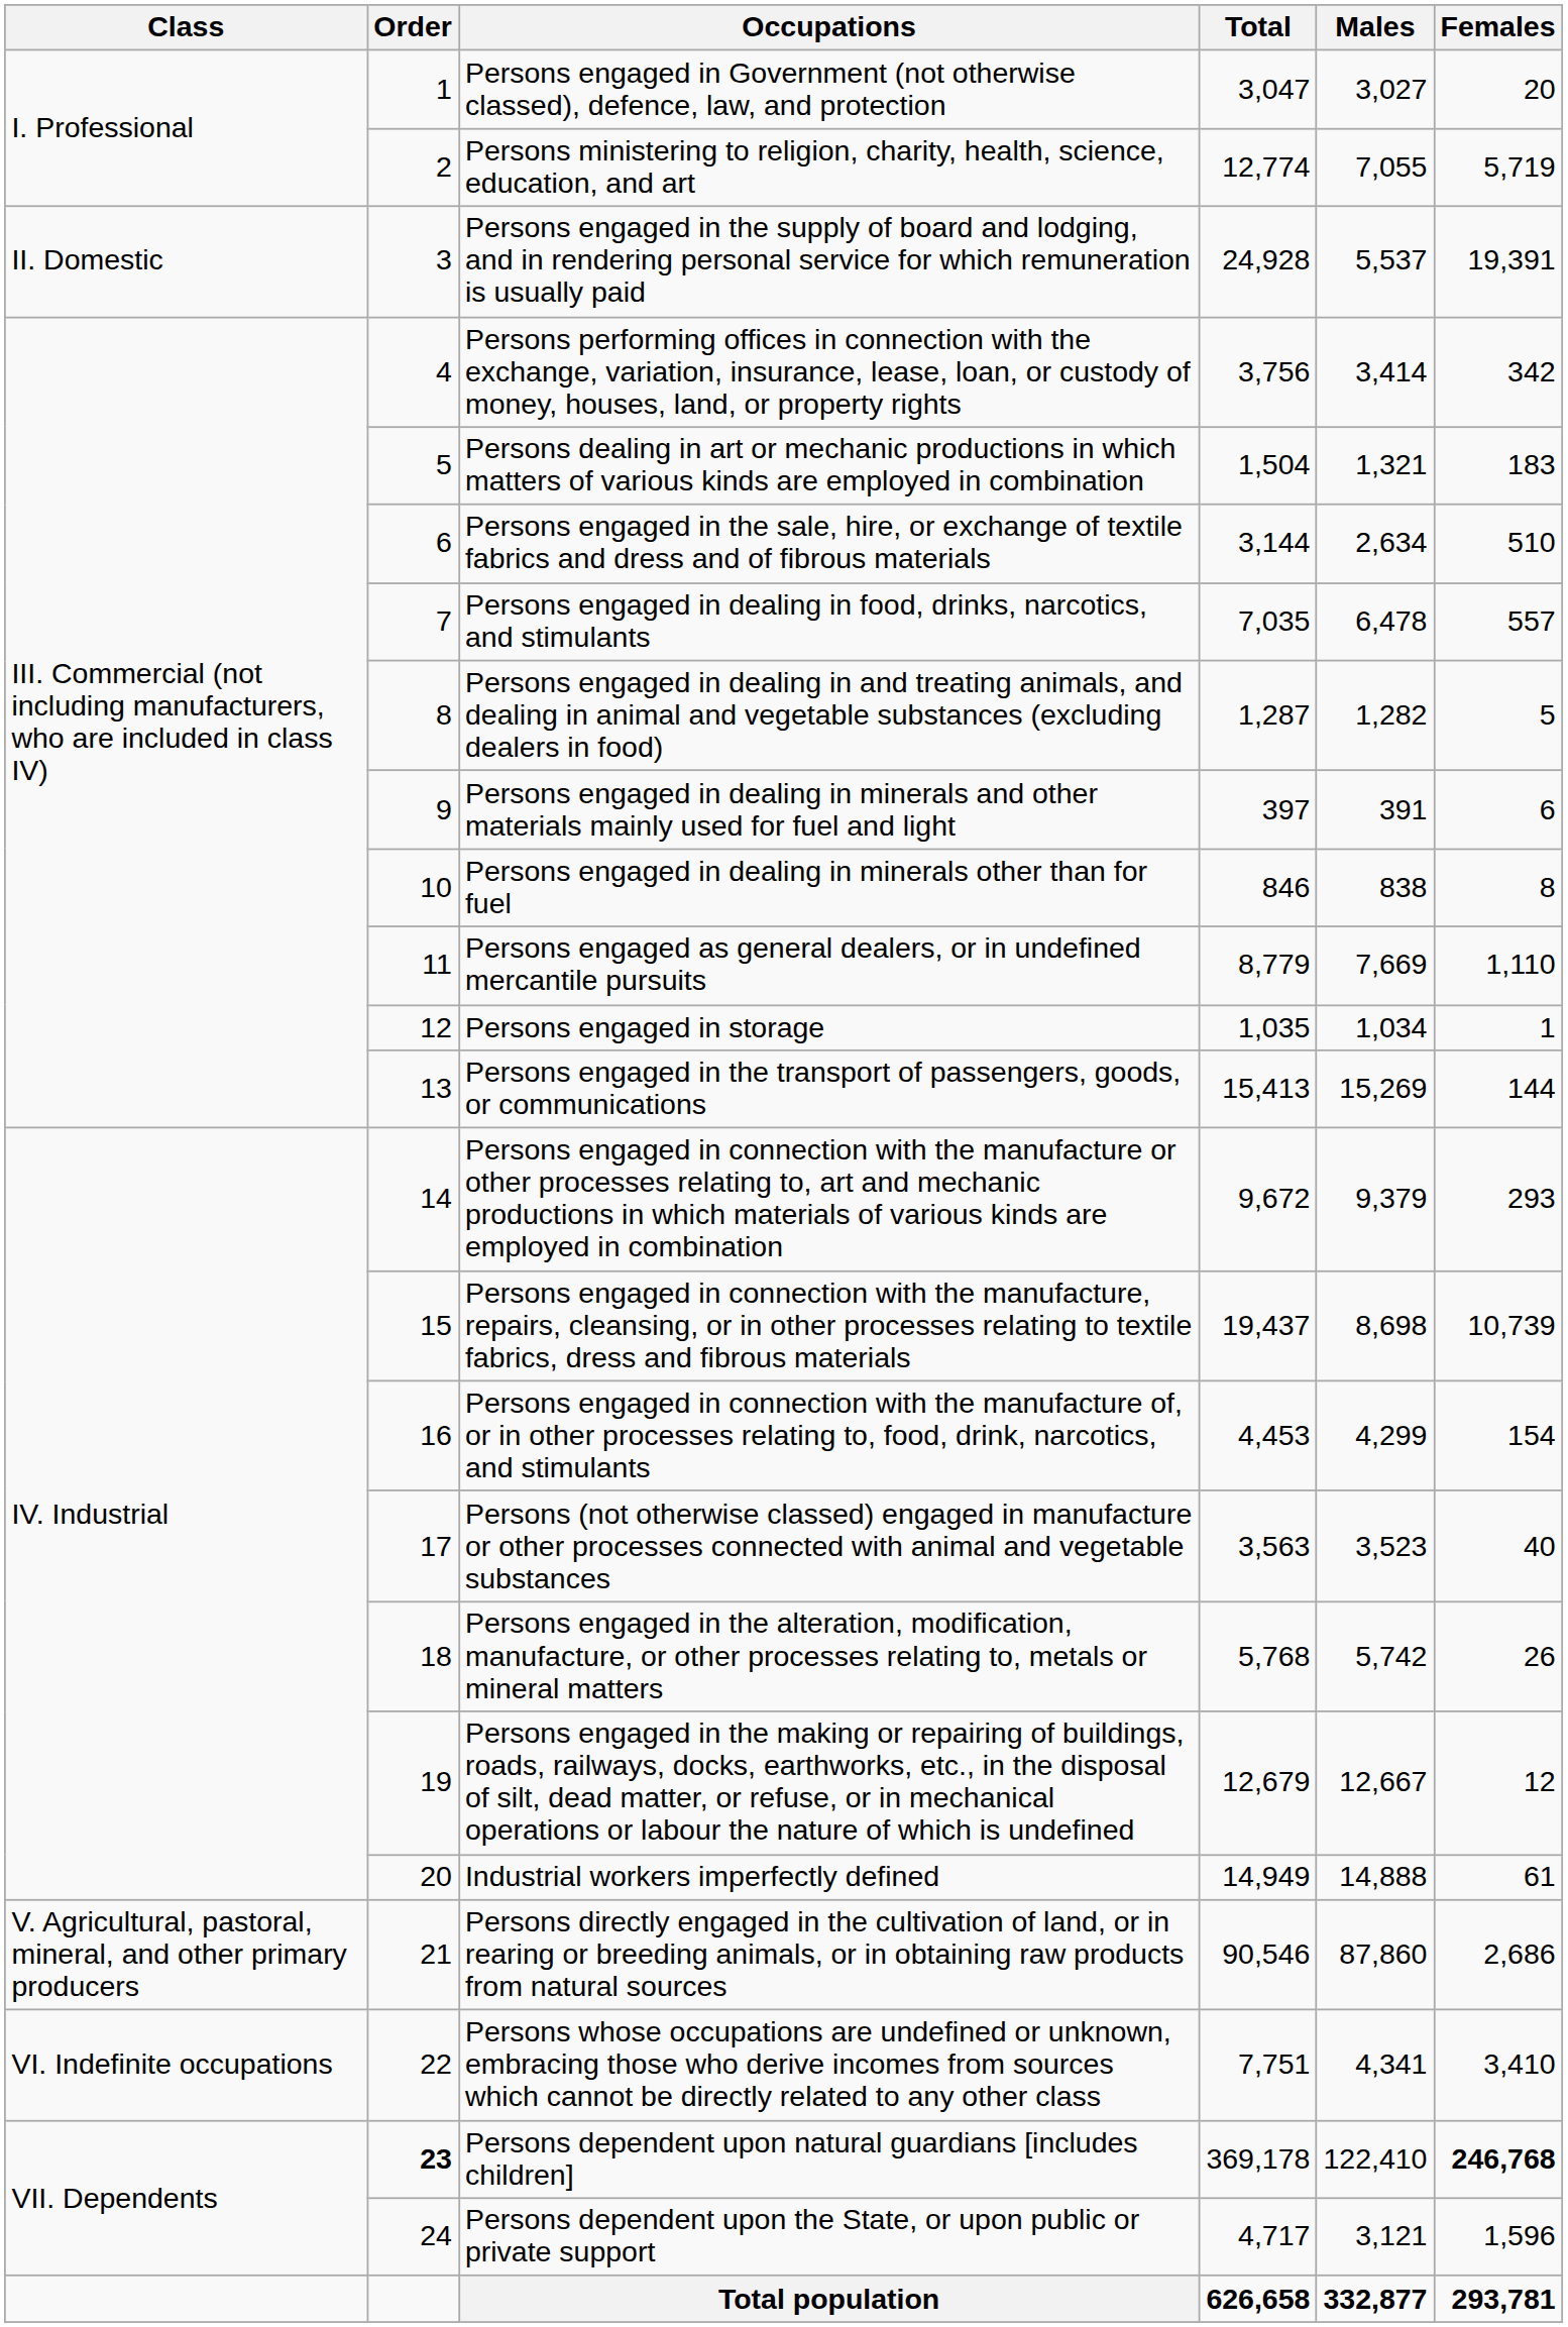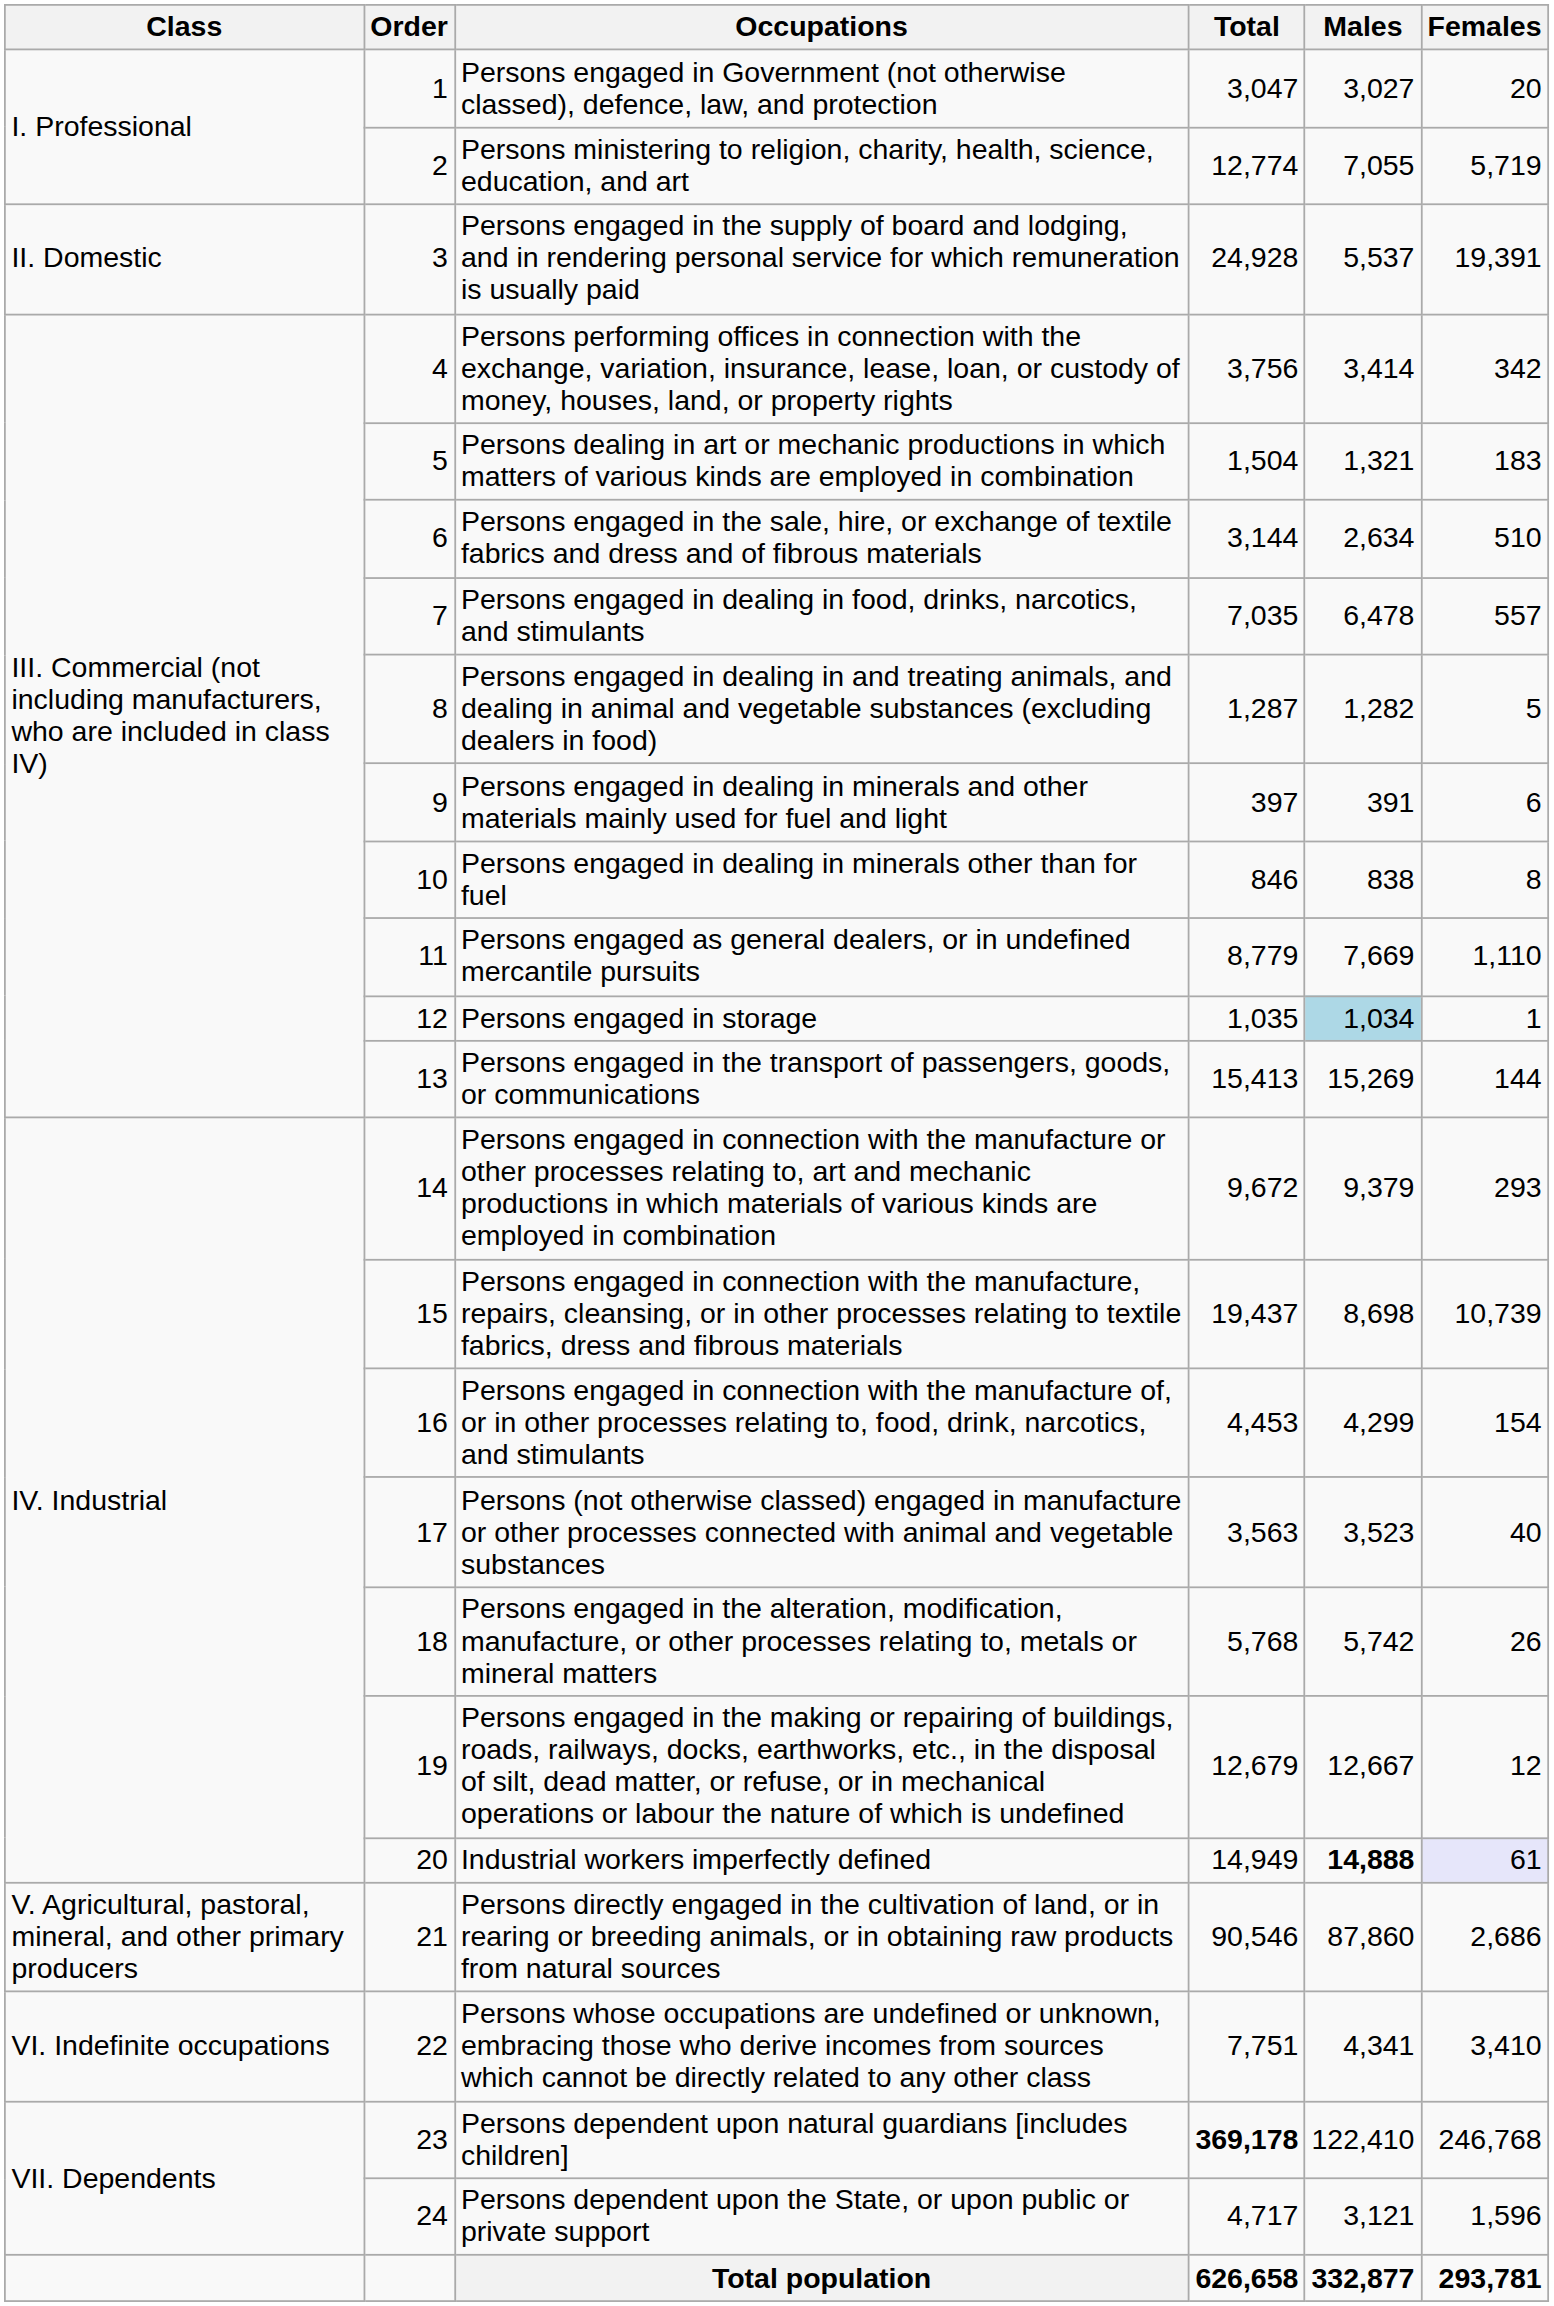 <table class="wikitable" style="text-align:right">
 <tr>
 <th>Class</th>
 <th>Order</th>
 <th>Occupations</th>
 <th>Total</th>
 <th>Males</th>
 <th>Females</th>
 </tr>
 <tr>
 <td colspan="1" rowspan="2" align="left">I. Professional</td>
 <td>1</td>
 <td align="left">Persons engaged in Government (not otherwise classed), defence, law, and protection</td>
 <td>3,047</td>
 <td>3,027</td>
 <td>20</td>
 </tr>
 <tr>
 <td>2</td>
 <td align="left">Persons ministering to religion, charity, health, science, education, and art</td>
 <td>12,774</td>
 <td>7,055</td>
 <td>5,719</td>
 </tr>
 <tr>
 <td align="left">II. Domestic</td>
 <td>3</td>
 <td align="left">Persons engaged in the supply of board and lodging, and in rendering personal service for which remuneration is usually paid</td>
 <td>24,928</td>
 <td>5,537</td>
 <td>19,391</td>
 </tr>
 <tr>
 <td colspan="1" rowspan="10" align="left">III. Commercial (not including manufacturers, who are included in class IV)</td>
 <td>4</td>
 <td align="left">Persons performing offices in connection with the exchange, variation, insurance, lease, loan, or custody of money, houses, land, or property rights</td>
 <td>3,756</td>
 <td>3,414</td>
 <td>342</td>
 </tr>
 <tr>
 <td>5</td>
 <td align="left">Persons dealing in art or mechanic productions in which matters of various kinds are employed in combination</td>
 <td>1,504</td>
 <td>1,321</td>
 <td>183</td>
 </tr>
 <tr>
 <td>6</td>
 <td align="left">Persons engaged in the sale, hire, or exchange of textile fabrics and dress and of fibrous materials</td>
 <td>3,144</td>
 <td>2,634</td>
 <td>510</td>
 </tr>
 <tr>
 <td>7</td>
 <td align="left">Persons engaged in dealing in food, drinks, narcotics, and stimulants</td>
 <td>7,035</td>
 <td>6,478</td>
 <td>557</td>
 </tr>
 <tr>
 <td>8</td>
 <td align="left">Persons engaged in dealing in and treating animals, and dealing in animal and vegetable substances (excluding dealers in food)</td>
 <td>1,287</td>
 <td>1,282</td>
 <td>5</td>
 </tr>
 <tr>
 <td>9</td>
 <td align="left">Persons engaged in dealing in minerals and other materials mainly used for fuel and light</td>
 <td>397</td>
 <td>391</td>
 <td>6</td>
 </tr>
 <tr>
 <td>10</td>
 <td align="left">Persons engaged in dealing in minerals other than for fuel</td>
 <td>846</td>
 <td>838</td>
 <td>8</td>
 </tr>
 <tr>
 <td>11</td>
 <td align="left">Persons engaged as general dealers, or in undefined mercantile pursuits</td>
 <td>8,779</td>
 <td>7,669</td>
 <td>1,110</td>
 </tr>
 <tr>
 <td>12</td>
 <td align="left">Persons engaged in storage</td>
 <td>1,035</td>
-<td>1,034</td>
+<td style="background: lightblue;">1,034</td>
 <td>1</td>
 </tr>
 <tr>
 <td>13</td>
 <td align="left">Persons engaged in the transport of passengers, goods, or communications</td>
 <td>15,413</td>
 <td>15,269</td>
 <td>144</td>
 </tr>
 <tr>
 <td colspan="1" rowspan="7" align="left">IV. Industrial</td>
 <td>14</td>
 <td align="left">Persons engaged in connection with the manufacture or other processes relating to, art and mechanic productions in which materials of various kinds are employed in combination</td>
 <td>9,672</td>
 <td>9,379</td>
 <td>293</td>
 </tr>
 <tr>
 <td>15</td>
 <td align="left">Persons engaged in connection with the manufacture, repairs, cleansing, or in other processes relating to textile fabrics, dress and fibrous materials</td>
 <td>19,437</td>
 <td>8,698</td>
 <td>10,739</td>
 </tr>
 <tr>
 <td>16</td>
 <td align="left">Persons engaged in connection with the manufacture of, or in other processes relating to, food, drink, narcotics, and stimulants</td>
 <td>4,453</td>
 <td>4,299</td>
 <td>154</td>
 </tr>
 <tr>
 <td>17</td>
 <td align="left">Persons (not otherwise classed) engaged in manufacture or other processes connected with animal and vegetable substances</td>
 <td>3,563</td>
 <td>3,523</td>
 <td>40</td>
 </tr>
 <tr>
 <td>18</td>
 <td align="left">Persons engaged in the alteration, modification, manufacture, or other processes relating to, metals or mineral matters</td>
 <td>5,768</td>
 <td>5,742</td>
 <td>26</td>
 </tr>
 <tr>
 <td>19</td>
 <td align="left">Persons engaged in the making or repairing of buildings, roads, railways, docks, earthworks, etc., in the disposal of silt, dead matter, or refuse, or in mechanical operations or labour the nature of which is undefined</td>
 <td>12,679</td>
 <td>12,667</td>
 <td>12</td>
 </tr>
 <tr>
 <td>20</td>
 <td align="left">Industrial workers imperfectly defined</td>
 <td>14,949</td>
-<td>14,888</td>
-<td>61</td>
+<td><strong>14,888</strong></td>
+<td style="background: lavender;">61</td>
 </tr>
 <tr>
 <td align="left">V. Agricultural, pastoral, mineral, and other primary producers</td>
 <td>21</td>
 <td align="left">Persons directly engaged in the cultivation of land, or in rearing or breeding animals, or in obtaining raw products from natural sources</td>
 <td>90,546</td>
 <td>87,860</td>
 <td>2,686</td>
 </tr>
 <tr>
 <td align="left">VI. Indefinite occupations</td>
 <td>22</td>
 <td align="left">Persons whose occupations are undefined or unknown, embracing those who derive incomes from sources which cannot be directly related to any other class</td>
 <td>7,751</td>
 <td>4,341</td>
 <td>3,410</td>
 </tr>
 <tr>
 <td colspan="1" rowspan="2" align="left">VII. Dependents</td>
-<td><strong>23</strong></td>
+<td>23</td>
 <td align="left">Persons dependent upon natural guardians [includes children]</td>
-<td>369,178</td>
+<td><strong>369,178</strong></td>
 <td>122,410</td>
-<td><strong>246,768</strong></td>
+<td>246,768</td>
 </tr>
 <tr>
 <td>24</td>
 <td align="left">Persons dependent upon the State, or upon public or private support</td>
 <td>4,717</td>
 <td>3,121</td>
 <td>1,596</td>
 </tr>
 <tr>
 <td></td>
 <td></td>
 <th>Total population</th>
 <td><strong>626,658</strong></td>
 <td><strong>332,877</strong></td>
 <td><strong>293,781</strong></td>
 </tr>
 </table>
